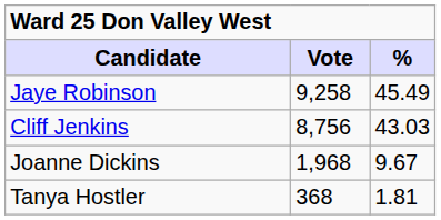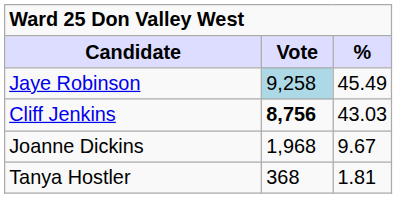 <table class="wikitable plainrowheaders">
 <tr>
 <td colspan="3"><strong>Ward 25 Don Valley West</strong></td>
 </tr>
 <tr>
 <th style="background:#ddf; width:200px;">Candidate</th>
 <th style="background:#ddf; width:50px;">Vote</th>
 <th style="background:#ddf; width:30px;">%</th>
 </tr>
 <tr>
 <td><a href='#'>Jaye Robinson</a></td>
-<td>9,258</td>
+<td style="background: lightblue;">9,258</td>
 <td>45.49</td>
 </tr>
 <tr>
 <td><a href='#'>Cliff Jenkins</a></td>
-<td>8,756</td>
+<td><strong>8,756</strong></td>
 <td>43.03</td>
 </tr>
 <tr>
 <td>Joanne Dickins</td>
 <td>1,968</td>
 <td>9.67</td>
 </tr>
 <tr>
 <td>Tanya Hostler</td>
 <td>368</td>
 <td>1.81</td>
 </tr>
 </table>
